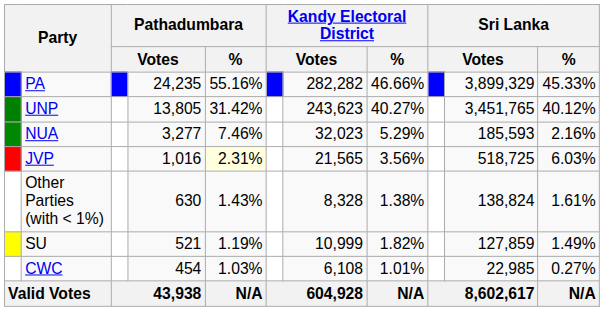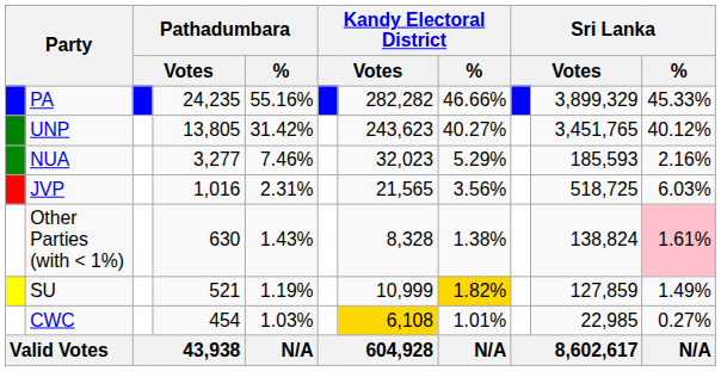 <table class="wikitable">
 <tr>
 <th colspan="2" width="144px"rowspan="2">Party</th>
 <th colspan="3" width="216px">Pathadumbara</th>
 <th colspan="3" width="216px"><a href='#'>Kandy Electoral District</a></th>
 <th colspan="3" width="216px">Sri Lanka</th>
 </tr>
 <tr>
 <th colspan="2" width="144px">Votes</th>
 <th>%</th>
 <th colspan="2" width="144px">Votes</th>
 <th>%</th>
 <th colspan="2" width="144px">Votes</th>
 <th>%</th>
 </tr>
 <tr>
 <td style="background-color:blue;" width="10px"></td>
 <td style="text-align:left;"><a href='#'>PA</a></td>
 <td style="background-color:blue;" width="10px"></td>
 <td style="text-align:right;">24,235</td>
 <td style="text-align:right;">55.16%</td>
 <td style="background-color:blue;" width="10px"></td>
 <td style="text-align:right;">282,282</td>
 <td style="text-align:right;">46.66%</td>
 <td style="background-color:blue;" width="10px"></td>
 <td style="text-align:right;">3,899,329</td>
 <td style="text-align:right;">45.33%</td>
 </tr>
 <tr>
 <td style="background-color:green;" width="10px"></td>
 <td style="text-align:left;"><a href='#'>UNP</a></td>
 <td style="background-color:white;" width="10px"></td>
 <td style="text-align:right;">13,805</td>
 <td style="text-align:right;">31.42%</td>
 <td style="background-color:white;" width="10px"></td>
 <td style="text-align:right;">243,623</td>
 <td style="text-align:right;">40.27%</td>
 <td style="background-color:white;" width="10px"></td>
 <td style="text-align:right;">3,451,765</td>
 <td style="text-align:right;">40.12%</td>
 </tr>
 <tr>
 <td style="background-color:#008800;" width="10px"></td>
 <td style="text-align:left;"><a href='#'>NUA</a></td>
 <td style="background-color:white;" width="10px"></td>
 <td style="text-align:right;">3,277</td>
 <td style="text-align:right;">7.46%</td>
 <td style="background-color:white;" width="10px"></td>
 <td style="text-align:right;">32,023</td>
 <td style="text-align:right;">5.29%</td>
 <td style="background-color:white;" width="10px"></td>
 <td style="text-align:right;">185,593</td>
 <td style="text-align:right;">2.16%</td>
 </tr>
 <tr>
 <td style="background-color:red;" width="10px"></td>
 <td style="text-align:left;"><a href='#'>JVP</a></td>
 <td style="background-color:white;" width="10px"></td>
 <td style="text-align:right;">1,016</td>
-<td style="background: lightyellow; text-align:right;">2.31%</td>
+<td style="text-align:right;">2.31%</td>
 <td style="background-color:white;" width="10px"></td>
 <td style="text-align:right;">21,565</td>
 <td style="text-align:right;">3.56%</td>
 <td style="background-color:white;" width="10px"></td>
 <td style="text-align:right;">518,725</td>
 <td style="text-align:right;">6.03%</td>
 </tr>
 <tr>
 <td style="background-color:white;" width="10px"></td>
 <td style="text-align:left;">Other Parties (with < 1%)</td>
 <td style="background-color:white;" width="10px"></td>
 <td style="text-align:right;">630</td>
 <td style="text-align:right;">1.43%</td>
 <td style="background-color:white;" width="10px"></td>
 <td style="text-align:right;">8,328</td>
 <td style="text-align:right;">1.38%</td>
 <td style="background-color:white;" width="10px"></td>
 <td style="text-align:right;">138,824</td>
-<td style="text-align:right;">1.61%</td>
+<td style="background: pink; text-align:right;">1.61%</td>
 </tr>
 <tr>
 <td style="background-color:yellow;" width="10px"></td>
 <td style="text-align:left;">SU</td>
 <td style="background-color:white;" width="10px"></td>
 <td style="text-align:right;">521</td>
 <td style="text-align:right;">1.19%</td>
 <td style="background-color:white;" width="10px"></td>
 <td style="text-align:right;">10,999</td>
-<td style="text-align:right;">1.82%</td>
+<td style="background: gold; text-align:right;">1.82%</td>
 <td style="background-color:white;" width="10px"></td>
 <td style="text-align:right;">127,859</td>
 <td style="text-align:right;">1.49%</td>
 </tr>
 <tr>
 <td style="background-color:white;" width="10px"></td>
 <td style="text-align:left;"><a href='#'>CWC</a></td>
 <td style="background-color:white;" width="10px"></td>
 <td style="text-align:right;">454</td>
 <td style="text-align:right;">1.03%</td>
 <td style="background-color:white;" width="10px"></td>
-<td style="text-align:right;">6,108</td>
+<td style="background: gold; text-align:right;">6,108</td>
 <td style="text-align:right;">1.01%</td>
 <td style="background-color:white;" width="10px"></td>
 <td style="text-align:right;">22,985</td>
 <td style="text-align:right;">0.27%</td>
 </tr>
 <tr>
 <th colspan="2" width="144px"style="text-align:left;">Valid Votes</th>
 <th style="text-align:right;"colspan="2" width="144px">43,938</th>
 <th style="text-align:right;">N/A</th>
 <th style="text-align:right;"colspan="2" width="144px">604,928</th>
 <th style="text-align:right;">N/A</th>
 <th style="text-align:right;"colspan="2" width="144px">8,602,617</th>
 <th style="text-align:right;">N/A</th>
 </tr>
 </table>
